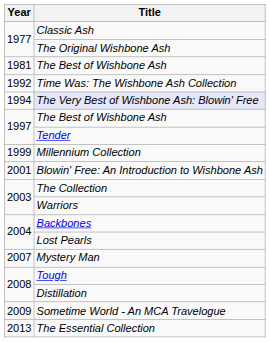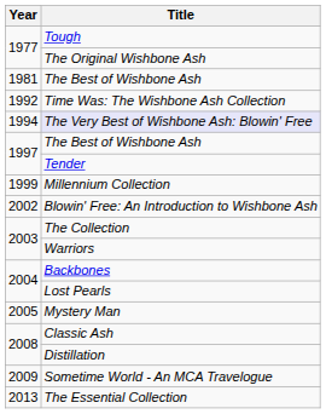 <table class="wikitable">
 <tr>
 <th>Year</th>
 <th>Title</th>
 </tr>
 <tr>
 <td rowspan="2">1977</td>
-<td><em>Classic Ash</em></td>
+<td><em><a href='#'>Tough</a></em></td>
 </tr>
 <tr>
 <td><em>The Original Wishbone Ash</em></td>
 </tr>
 <tr>
 <td>1981</td>
 <td><em>The Best of Wishbone Ash</em></td>
 </tr>
 <tr>
 <td>1992</td>
 <td><em>Time Was: The Wishbone Ash Collection</em></td>
 </tr>
 <tr>
 <td>1994</td>
 <td style="background: lavender;"><em>The Very Best of Wishbone Ash: Blowin' Free</em></td>
 </tr>
 <tr>
 <td rowspan="2">1997</td>
 <td><em>The Best of Wishbone Ash</em></td>
 </tr>
 <tr>
 <td><em><a href='#'>Tender</a></em></td>
 </tr>
 <tr>
 <td>1999</td>
 <td><em>Millennium Collection</em></td>
 </tr>
 <tr>
-<td>2001</td>
+<td>2002</td>
 <td><em>Blowin' Free: An Introduction to Wishbone Ash</em></td>
 </tr>
 <tr>
 <td rowspan="2">2003</td>
 <td><em>The Collection</em></td>
 </tr>
 <tr>
 <td><em>Warriors</em></td>
 </tr>
 <tr>
 <td rowspan="2">2004</td>
 <td><em><a href='#'>Backbones</a></em></td>
 </tr>
 <tr>
 <td><em>Lost Pearls</em></td>
 </tr>
 <tr>
-<td>2007</td>
+<td>2005</td>
 <td><em>Mystery Man</em></td>
 </tr>
 <tr>
 <td rowspan="2">2008</td>
-<td><em><a href='#'>Tough</a></em></td>
+<td><em>Classic Ash</em></td>
 </tr>
 <tr>
 <td><em>Distillation</em></td>
 </tr>
 <tr>
 <td>2009</td>
 <td><em>Sometime World - An MCA Travelogue</em></td>
 </tr>
 <tr>
 <td>2013</td>
 <td><em>The Essential Collection</em></td>
 </tr>
 </table>
